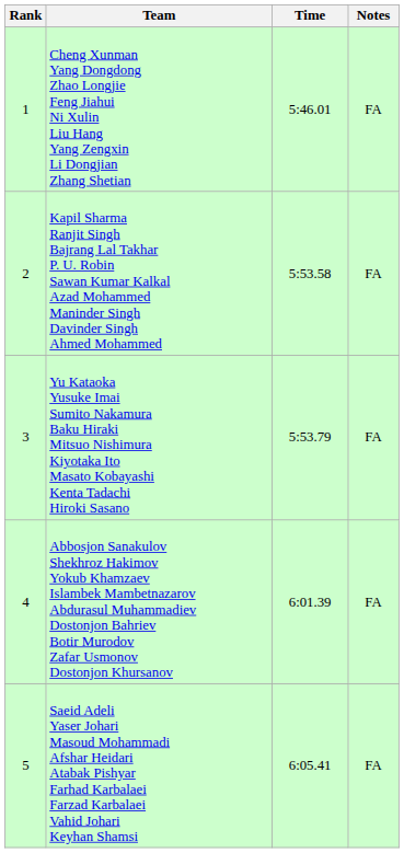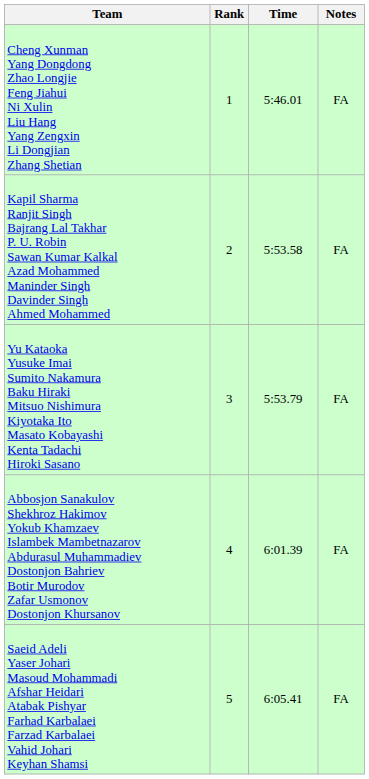 <table class=wikitable style="text-align:center">
 <tr>
+<th width=250>Team</th>
 <th width=40>Rank</th>
-<th width=250>Team</th>
 <th width=80>Time</th>
 <th width=50>Notes</th>
 </tr>
 <tr bgcolor="ccffcc">
+<td align=left><br><a href='#'>Cheng Xunman</a><br><a href='#'>Yang Dongdong</a><br><a href='#'>Zhao Longjie</a><br><a href='#'>Feng Jiahui</a><br><a href='#'>Ni Xulin</a><br><a href='#'>Liu Hang</a><br><a href='#'>Yang Zengxin</a><br><a href='#'>Li Dongjian</a><br><a href='#'>Zhang Shetian</a></td>
 <td>1</td>
-<td align=left><br><a href='#'>Cheng Xunman</a><br><a href='#'>Yang Dongdong</a><br><a href='#'>Zhao Longjie</a><br><a href='#'>Feng Jiahui</a><br><a href='#'>Ni Xulin</a><br><a href='#'>Liu Hang</a><br><a href='#'>Yang Zengxin</a><br><a href='#'>Li Dongjian</a><br><a href='#'>Zhang Shetian</a></td>
 <td>5:46.01</td>
 <td>FA</td>
 </tr>
 <tr bgcolor="ccffcc">
+<td align=left><br><a href='#'>Kapil Sharma</a><br><a href='#'>Ranjit Singh</a><br><a href='#'>Bajrang Lal Takhar</a><br><a href='#'>P. U. Robin</a><br><a href='#'>Sawan Kumar Kalkal</a><br><a href='#'>Azad Mohammed</a><br><a href='#'>Maninder Singh</a><br><a href='#'>Davinder Singh</a><br><a href='#'>Ahmed Mohammed</a></td>
 <td>2</td>
-<td align=left><br><a href='#'>Kapil Sharma</a><br><a href='#'>Ranjit Singh</a><br><a href='#'>Bajrang Lal Takhar</a><br><a href='#'>P. U. Robin</a><br><a href='#'>Sawan Kumar Kalkal</a><br><a href='#'>Azad Mohammed</a><br><a href='#'>Maninder Singh</a><br><a href='#'>Davinder Singh</a><br><a href='#'>Ahmed Mohammed</a></td>
 <td>5:53.58</td>
 <td>FA</td>
 </tr>
 <tr bgcolor="ccffcc">
+<td align=left><br><a href='#'>Yu Kataoka</a><br><a href='#'>Yusuke Imai</a><br><a href='#'>Sumito Nakamura</a><br><a href='#'>Baku Hiraki</a><br><a href='#'>Mitsuo Nishimura</a><br><a href='#'>Kiyotaka Ito</a><br><a href='#'>Masato Kobayashi</a><br><a href='#'>Kenta Tadachi</a><br><a href='#'>Hiroki Sasano</a></td>
 <td>3</td>
-<td align=left><br><a href='#'>Yu Kataoka</a><br><a href='#'>Yusuke Imai</a><br><a href='#'>Sumito Nakamura</a><br><a href='#'>Baku Hiraki</a><br><a href='#'>Mitsuo Nishimura</a><br><a href='#'>Kiyotaka Ito</a><br><a href='#'>Masato Kobayashi</a><br><a href='#'>Kenta Tadachi</a><br><a href='#'>Hiroki Sasano</a></td>
 <td>5:53.79</td>
 <td>FA</td>
 </tr>
 <tr bgcolor="ccffcc">
+<td align=left><br><a href='#'>Abbosjon Sanakulov</a><br><a href='#'>Shekhroz Hakimov</a><br><a href='#'>Yokub Khamzaev</a><br><a href='#'>Islambek Mambetnazarov</a><br><a href='#'>Abdurasul Muhammadiev</a><br><a href='#'>Dostonjon Bahriev</a><br><a href='#'>Botir Murodov</a><br><a href='#'>Zafar Usmonov</a><br><a href='#'>Dostonjon Khursanov</a></td>
 <td>4</td>
-<td align=left><br><a href='#'>Abbosjon Sanakulov</a><br><a href='#'>Shekhroz Hakimov</a><br><a href='#'>Yokub Khamzaev</a><br><a href='#'>Islambek Mambetnazarov</a><br><a href='#'>Abdurasul Muhammadiev</a><br><a href='#'>Dostonjon Bahriev</a><br><a href='#'>Botir Murodov</a><br><a href='#'>Zafar Usmonov</a><br><a href='#'>Dostonjon Khursanov</a></td>
 <td>6:01.39</td>
 <td>FA</td>
 </tr>
 <tr bgcolor="ccffcc">
+<td align=left><br><a href='#'>Saeid Adeli</a><br><a href='#'>Yaser Johari</a><br><a href='#'>Masoud Mohammadi</a><br><a href='#'>Afshar Heidari</a><br><a href='#'>Atabak Pishyar</a><br><a href='#'>Farhad Karbalaei</a><br><a href='#'>Farzad Karbalaei</a><br><a href='#'>Vahid Johari</a><br><a href='#'>Keyhan Shamsi</a></td>
 <td>5</td>
-<td align=left><br><a href='#'>Saeid Adeli</a><br><a href='#'>Yaser Johari</a><br><a href='#'>Masoud Mohammadi</a><br><a href='#'>Afshar Heidari</a><br><a href='#'>Atabak Pishyar</a><br><a href='#'>Farhad Karbalaei</a><br><a href='#'>Farzad Karbalaei</a><br><a href='#'>Vahid Johari</a><br><a href='#'>Keyhan Shamsi</a></td>
 <td>6:05.41</td>
 <td>FA</td>
 </tr>
 </table>
